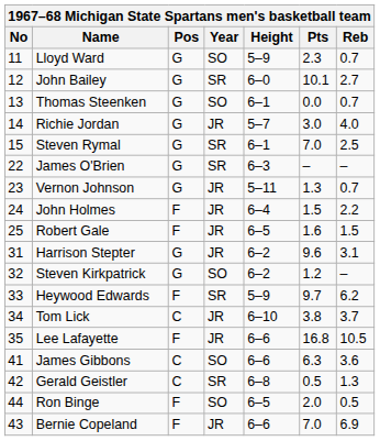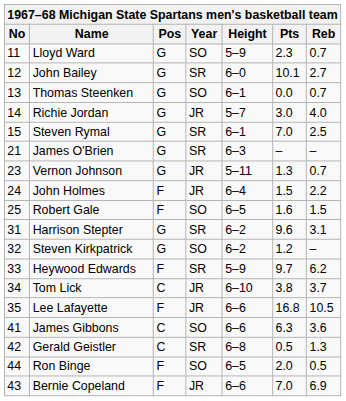 <table class="wikitable sortable" style="font-size: 90%" |->
 <tr>
 <th colspan=9 style=>1967–68 Michigan State Spartans men's basketball team</th>
 </tr>
 <tr>
 <th style="background:#">No</th>
 <th style="background:#">Name</th>
 <th style="background:#">Pos</th>
 <th style="background:#">Year</th>
 <th style="background:#">Height</th>
 <th style="background:#">Pts</th>
 <th style="background:#">Reb</th>
 </tr>
 <tr>
 <td>11</td>
 <td>Lloyd Ward</td>
 <td>G</td>
 <td>SO</td>
 <td>5–9</td>
 <td>2.3</td>
 <td>0.7</td>
 </tr>
 <tr>
 <td>12</td>
 <td>John Bailey</td>
 <td>G</td>
 <td>SR</td>
 <td>6–0</td>
 <td>10.1</td>
 <td>2.7</td>
 </tr>
 <tr>
 <td>13</td>
 <td>Thomas Steenken</td>
 <td>G</td>
 <td>SO</td>
 <td>6–1</td>
 <td>0.0</td>
 <td>0.7</td>
 </tr>
 <tr>
 <td>14</td>
 <td>Richie Jordan</td>
 <td>G</td>
 <td>JR</td>
 <td>5–7</td>
 <td>3.0</td>
 <td>4.0</td>
 </tr>
 <tr>
 <td>15</td>
 <td>Steven Rymal</td>
 <td>G</td>
 <td>SR</td>
 <td>6–1</td>
 <td>7.0</td>
 <td>2.5</td>
 </tr>
 <tr>
-<td>22</td>
+<td>21</td>
 <td>James O'Brien</td>
 <td>G</td>
 <td>SR</td>
 <td>6–3</td>
 <td>–</td>
 <td>–</td>
 </tr>
 <tr>
 <td>23</td>
 <td>Vernon Johnson</td>
 <td>G</td>
 <td>JR</td>
 <td>5–11</td>
 <td>1.3</td>
 <td>0.7</td>
 </tr>
 <tr>
 <td>24</td>
 <td>John Holmes</td>
 <td>F</td>
 <td>JR</td>
 <td>6–4</td>
 <td>1.5</td>
 <td>2.2</td>
 </tr>
 <tr>
 <td>25</td>
 <td>Robert Gale</td>
 <td>F</td>
-<td>JR</td>
+<td>SO</td>
 <td>6–5</td>
 <td>1.6</td>
 <td>1.5</td>
 </tr>
 <tr>
 <td>31</td>
 <td>Harrison Stepter</td>
 <td>G</td>
-<td>JR</td>
+<td>SR</td>
 <td>6–2</td>
 <td>9.6</td>
 <td>3.1</td>
 </tr>
 <tr>
 <td>32</td>
 <td>Steven Kirkpatrick</td>
 <td>G</td>
 <td>SO</td>
 <td>6–2</td>
 <td>1.2</td>
 <td>–</td>
 </tr>
 <tr>
 <td>33</td>
 <td>Heywood Edwards</td>
 <td>F</td>
 <td>SR</td>
 <td>5–9</td>
 <td>9.7</td>
 <td>6.2</td>
 </tr>
 <tr>
 <td>34</td>
 <td>Tom Lick</td>
 <td>C</td>
 <td>JR</td>
 <td>6–10</td>
 <td>3.8</td>
 <td>3.7</td>
 </tr>
 <tr>
 <td>35</td>
 <td>Lee Lafayette</td>
 <td>F</td>
 <td>JR</td>
 <td>6–6</td>
 <td>16.8</td>
 <td>10.5</td>
 </tr>
 <tr>
 <td>41</td>
 <td>James Gibbons</td>
 <td>C</td>
 <td>SO</td>
 <td>6–6</td>
 <td>6.3</td>
 <td>3.6</td>
 </tr>
 <tr>
 <td>42</td>
 <td>Gerald Geistler</td>
 <td>C</td>
 <td>SR</td>
 <td>6–8</td>
 <td>0.5</td>
 <td>1.3</td>
 </tr>
 <tr>
 <td>44</td>
 <td>Ron Binge</td>
 <td>F</td>
 <td>SO</td>
 <td>6–5</td>
 <td>2.0</td>
 <td>0.5</td>
 </tr>
 <tr>
 <td>43</td>
 <td>Bernie Copeland</td>
 <td>F</td>
 <td>JR</td>
 <td>6–6</td>
 <td>7.0</td>
 <td>6.9</td>
 </tr>
 </table>
